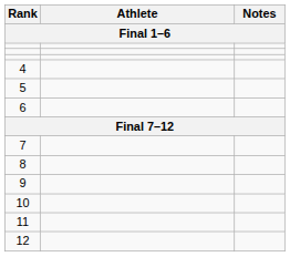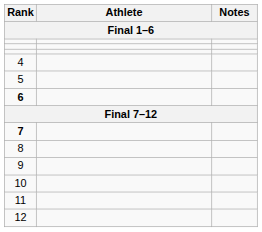 <table class=wikitable style="text-align:center">
 <tr>
 <th width=40>Rank</th>
 <th width=250>Athlete</th>
 <th width=60>Notes</th>
 </tr>
 <tr>
 <th colspan=3>Final 1–6</th>
 </tr>
 <tr>
 <td></td>
 <td align=left></td>
 <td></td>
 </tr>
 <tr>
 <td></td>
 <td align=left></td>
 <td></td>
 </tr>
 <tr>
 <td></td>
 <td align=left></td>
 <td></td>
 </tr>
 <tr>
 <td>4</td>
 <td align=left></td>
 <td></td>
 </tr>
 <tr>
 <td>5</td>
 <td align=left></td>
 <td></td>
 </tr>
 <tr>
-<td>6</td>
+<td><strong>6</strong></td>
 <td align=left></td>
 <td></td>
 </tr>
 <tr>
 <th colspan=3>Final 7–12</th>
 </tr>
 <tr>
-<td>7</td>
+<td><strong>7</strong></td>
 <td align=left></td>
 <td></td>
 </tr>
 <tr>
 <td>8</td>
 <td align=left></td>
 <td></td>
 </tr>
 <tr>
 <td>9</td>
 <td align=left></td>
 <td></td>
 </tr>
 <tr>
 <td>10</td>
 <td align=left></td>
 <td></td>
 </tr>
 <tr>
 <td>11</td>
 <td align=left></td>
 <td></td>
 </tr>
 <tr>
 <td>12</td>
 <td align=left></td>
 <td></td>
 </tr>
 </table>
